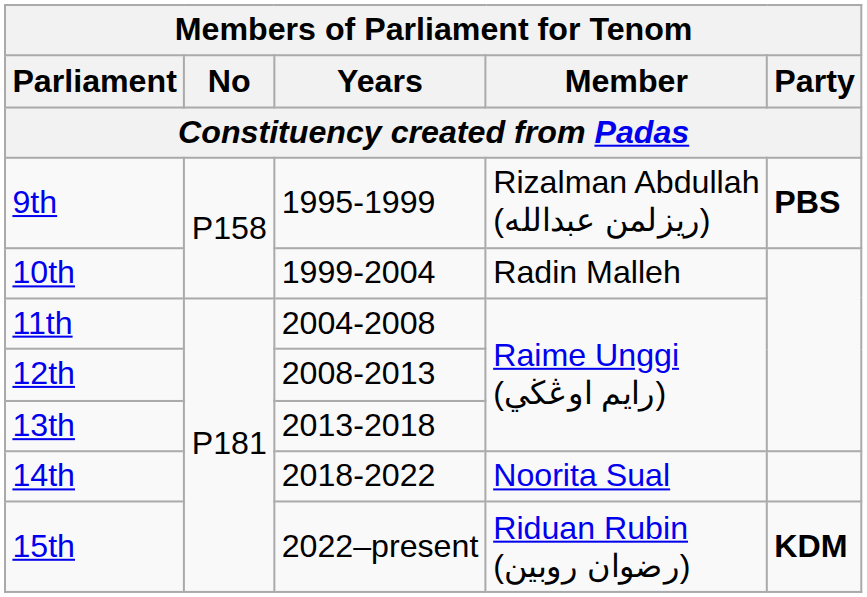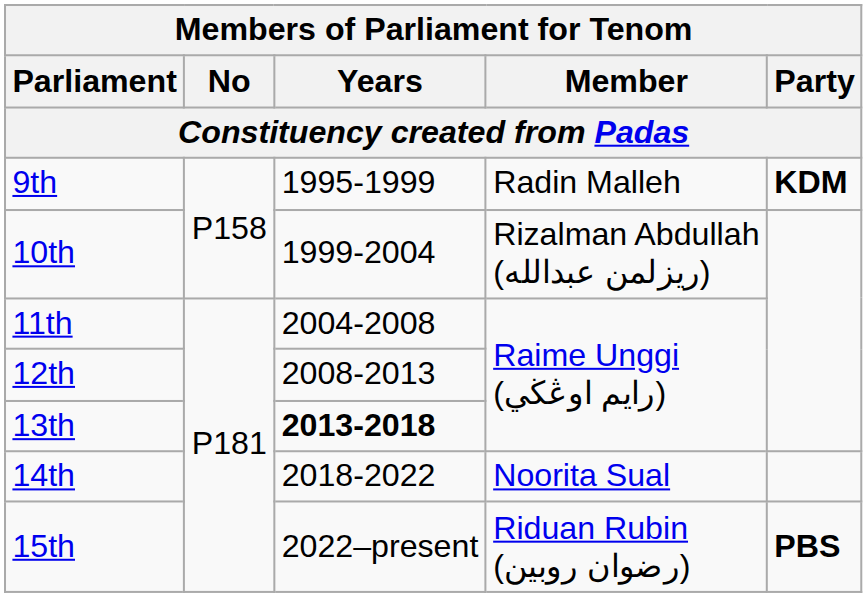 <table class=wikitable>
 <tr>
 <th colspan="5">Members of Parliament for Tenom</th>
 </tr>
 <tr>
 <th>Parliament</th>
 <th>No</th>
 <th>Years</th>
 <th>Member</th>
 <th>Party</th>
 </tr>
 <tr>
 <th colspan="5" align="center"><em>Constituency created from <a href='#'>Padas</a></em></th>
 </tr>
 <tr>
 <td><a href='#'>9th</a></td>
 <td rowspan="2">P158</td>
 <td>1995-1999</td>
-<td>Rizalman Abdullah  <br>(ريزلمن عبدالله)</td>
-<td><strong>PBS</strong></td>
+<td>Radin Malleh</td>
+<td><strong>KDM</strong></td>
 </tr>
 <tr>
 <td><a href='#'>10th</a></td>
 <td>1999-2004</td>
-<td>Radin Malleh</td>
+<td>Rizalman Abdullah  <br>(ريزلمن عبدالله)</td>
 <td rowspan=4></td>
 </tr>
 <tr>
 <td><a href='#'>11th</a></td>
 <td rowspan="6">P181</td>
 <td>2004-2008</td>
 <td rowspan=3><a href='#'>Raime Unggi</a>  <br>(رايم اوڠڬي)</td>
 </tr>
 <tr>
 <td><a href='#'>12th</a></td>
 <td>2008-2013</td>
 </tr>
 <tr>
 <td><a href='#'>13th</a></td>
-<td>2013-2018</td>
+<td><strong>2013-2018</strong></td>
 </tr>
 <tr>
 <td><a href='#'>14th</a></td>
 <td>2018-2022</td>
 <td><a href='#'>Noorita Sual</a></td>
 <td></td>
 </tr>
 <tr>
 <td><a href='#'>15th</a></td>
 <td>2022–present</td>
 <td rowspan="2"><a href='#'>Riduan Rubin</a>  <br>(رضوان روبين)</td>
-<td><strong>KDM</strong></td>
+<td><strong>PBS</strong></td>
 </tr>
 </table>
